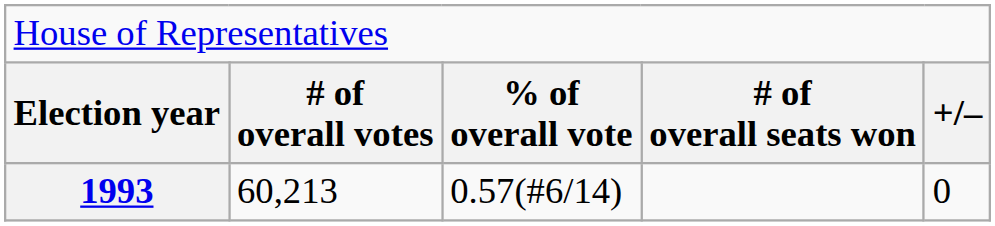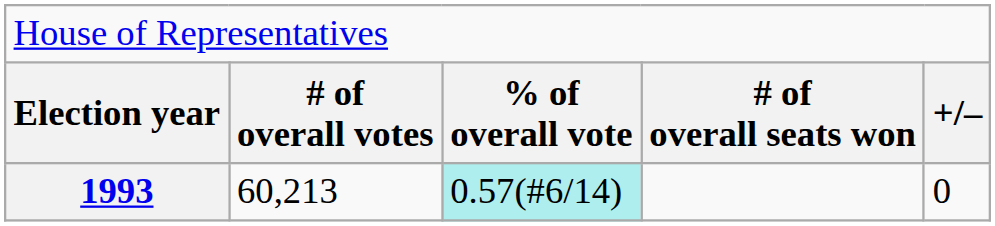 <table class=wikitable>
 <tr>
 <td colspan=5><a href='#'>House of Representatives</a></td>
 </tr>
 <tr>
 <th>Election year</th>
 <th># of<br>overall votes</th>
 <th>% of<br>overall vote</th>
 <th># of<br>overall seats won</th>
 <th>+/–</th>
 </tr>
 <tr>
 <th><a href='#'>1993</a></th>
 <td>60,213</td>
-<td>0.57(#6/14)</td>
+<td style="background: paleturquoise;">0.57(#6/14)</td>
 <td></td>
 <td> 0</td>
 </tr>
 </table>
